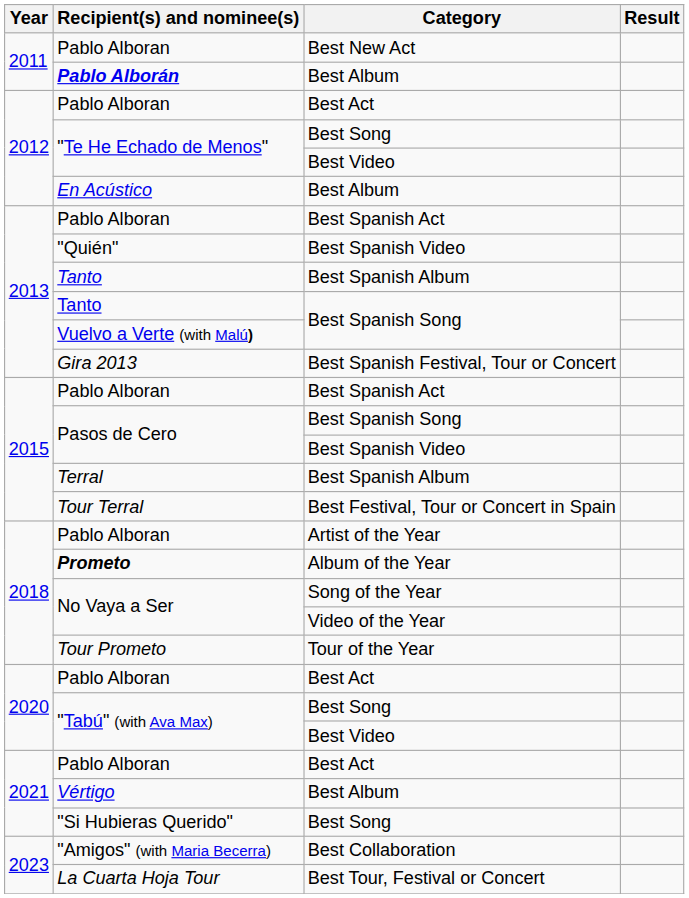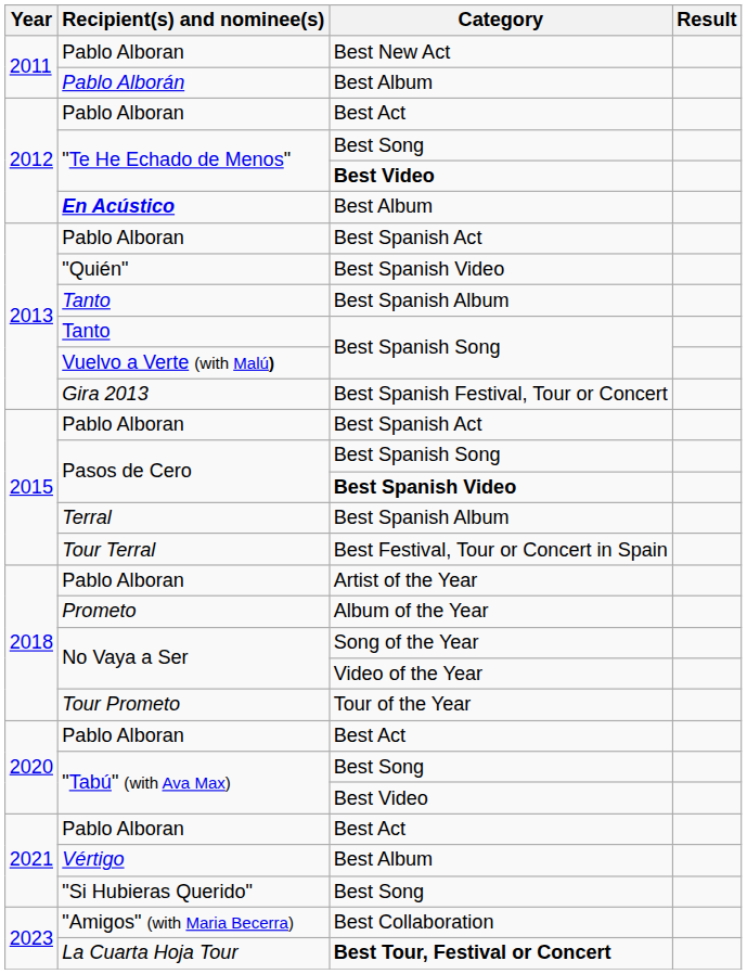 <table class="wikitable sortable plainrowheaders" style="width: auto;">
 <tr>
 <th scope="col">Year</th>
 <th scope="col">Recipient(s) and nominee(s)</th>
 <th scope="col">Category</th>
 <th scope="col">Result</th>
 </tr>
 <tr>
 <td rowspan="2"><a href='#'>2011</a></td>
 <td>Pablo Alboran</td>
 <td>Best New Act</td>
 <td></td>
 </tr>
 <tr>
-<td><strong><em><a href='#'>Pablo Alborán</a></em></strong></td>
+<td><em><a href='#'>Pablo Alborán</a></em></td>
 <td>Best Album</td>
 <td></td>
 </tr>
 <tr>
 <td rowspan="4"><a href='#'>2012</a></td>
 <td>Pablo Alboran</td>
 <td>Best Act</td>
 <td></td>
 </tr>
 <tr>
 <td rowspan="2">"<a href='#'>Te He Echado de Menos</a>"</td>
 <td>Best Song</td>
 <td></td>
 </tr>
 <tr>
-<td>Best Video</td>
+<td><strong>Best Video</strong></td>
 <td></td>
 </tr>
 <tr>
-<td><em><a href='#'>En Acústico</a></em></td>
+<td><strong><em><a href='#'>En Acústico</a></em></strong></td>
 <td>Best Album</td>
 <td></td>
 </tr>
 <tr>
 <td rowspan="6"><a href='#'>2013</a></td>
 <td>Pablo Alboran</td>
 <td>Best Spanish Act</td>
 <td></td>
 </tr>
 <tr>
 <td>"Quién"</td>
 <td>Best Spanish Video</td>
 <td></td>
 </tr>
 <tr>
 <td><a href='#'><em>Tanto</em></a></td>
 <td>Best Spanish Album</td>
 <td></td>
 </tr>
 <tr>
 <td><a href='#'>Tanto</a></td>
 <td rowspan="2">Best Spanish Song</td>
 <td></td>
 </tr>
 <tr>
 <td><a href='#'>Vuelvo a Verte</a> <small>(with <a href='#'>Malú</a><strong>)</strong></small></td>
 <td></td>
 </tr>
 <tr>
 <td><em>Gira 2013</em></td>
 <td>Best Spanish Festival, Tour or Concert</td>
 <td></td>
 </tr>
 <tr>
 <td rowspan="5"><a href='#'>2015</a></td>
 <td>Pablo Alboran</td>
 <td>Best Spanish Act</td>
 <td></td>
 </tr>
 <tr>
 <td rowspan="2">Pasos de Cero</td>
 <td>Best Spanish Song</td>
 <td></td>
 </tr>
 <tr>
-<td>Best Spanish Video</td>
+<td><strong>Best Spanish Video</strong></td>
 <td></td>
 </tr>
 <tr>
 <td><em>Terral</em></td>
 <td>Best Spanish Album</td>
 <td></td>
 </tr>
 <tr>
 <td><em>Tour Terral</em></td>
 <td>Best Festival, Tour or Concert in Spain</td>
 <td></td>
 </tr>
 <tr>
 <td rowspan="5"><a href='#'>2018</a></td>
 <td>Pablo Alboran</td>
 <td>Artist of the Year</td>
 <td></td>
 </tr>
 <tr>
-<td><strong><em>Prometo</em></strong></td>
+<td><em>Prometo</em></td>
 <td>Album of the Year</td>
 <td></td>
 </tr>
 <tr>
 <td rowspan="2">No Vaya a Ser</td>
 <td>Song of the Year</td>
 <td></td>
 </tr>
 <tr>
 <td>Video of the Year</td>
 <td></td>
 </tr>
 <tr>
 <td><em>Tour Prometo</em></td>
 <td>Tour of the Year</td>
 <td></td>
 </tr>
 <tr>
 <td rowspan="3"><a href='#'>2020</a></td>
 <td>Pablo Alboran</td>
 <td>Best Act</td>
 <td></td>
 </tr>
 <tr>
 <td rowspan="2">"<a href='#'>Tabú</a>" <small>(with <a href='#'>Ava Max</a>)</small></td>
 <td>Best Song</td>
 <td></td>
 </tr>
 <tr>
 <td>Best Video</td>
 <td></td>
 </tr>
 <tr>
 <td rowspan="3"><a href='#'>2021</a></td>
 <td>Pablo Alboran</td>
 <td>Best Act</td>
 <td></td>
 </tr>
 <tr>
 <td><em><a href='#'>Vértigo</a></em></td>
 <td>Best Album</td>
 <td></td>
 </tr>
 <tr>
 <td>"Si Hubieras Querido"</td>
 <td>Best Song</td>
 <td></td>
 </tr>
 <tr>
 <td rowspan="2"><a href='#'>2023</a></td>
 <td>"Amigos" <small>(with <a href='#'>Maria Becerra</a>)</small></td>
 <td>Best Collaboration</td>
 <td></td>
 </tr>
 <tr>
 <td><em>La Cuarta Hoja Tour</em></td>
-<td>Best Tour, Festival or Concert</td>
+<td><strong>Best Tour, Festival or Concert</strong></td>
 <td></td>
 </tr>
 </table>
